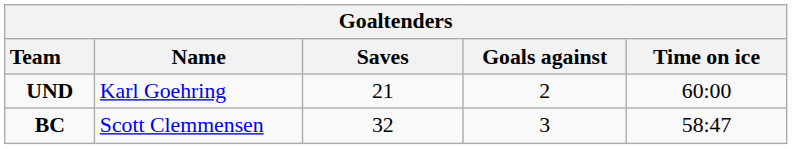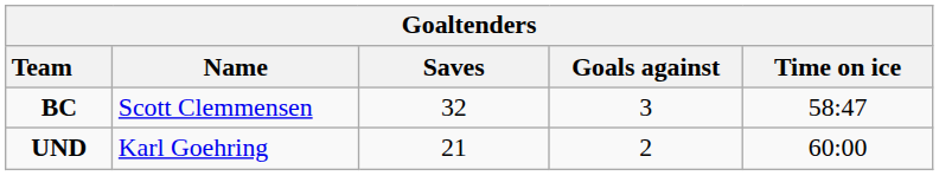 <table class="wikitable" style="width:36em; text-align:right;">
 <tr>
 <th colspan=5>Goaltenders</th>
 </tr>
 <tr>
 <th style="width:4em; text-align:left;">Team</th>
 <th style="width:10em;">Name</th>
 <th style="width:8em;">Saves</th>
 <th style="width:8em;">Goals against</th>
 <th style="width:8em;">Time on ice</th>
 </tr>
 <tr>
+<td align=center><strong>BC</strong></td>
+<td style="text-align:left;"><a href='#'>Scott Clemmensen</a></td>
+<td align=center>32</td>
+<td align=center>3</td>
+<td align=center>58:47</td>
+</tr>
+<tr>
 <td align=center><strong>UND</strong></td>
 <td style="text-align:left;"><a href='#'>Karl Goehring</a></td>
 <td align=center>21</td>
 <td align=center>2</td>
 <td align=center>60:00</td>
 </tr>
-<tr>
-<td align=center><strong>BC</strong></td>
-<td style="text-align:left;"><a href='#'>Scott Clemmensen</a></td>
-<td align=center>32</td>
-<td align=center>3</td>
-<td align=center>58:47</td>
-</tr>
 </table>
